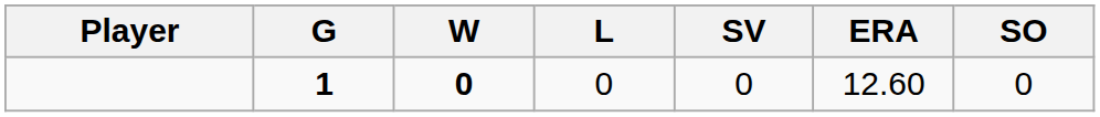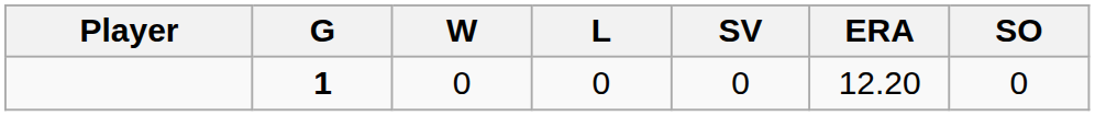 <table class="wikitable sortable">
 <tr>
 <th bgcolor="#DDDDFF" width="16%">Player</th>
 <th bgcolor="#DDDDFF" width="9%">G</th>
 <th bgcolor="#DDDDFF" width="9%">W</th>
 <th bgcolor="#DDDDFF" width="9%">L</th>
 <th bgcolor="#DDDDFF" width="9%">SV</th>
 <th bgcolor="#DDDDFF" width="9%">ERA</th>
 <th bgcolor="#DDDDFF" width="9%">SO</th>
 </tr>
 <tr align="center">
 <td></td>
 <td><strong>1</strong></td>
-<td><strong>0</strong></td>
 <td>0</td>
 <td>0</td>
-<td>12.60</td>
+<td>0</td>
+<td>12.20</td>
 <td>0</td>
 </tr>
 </table>
